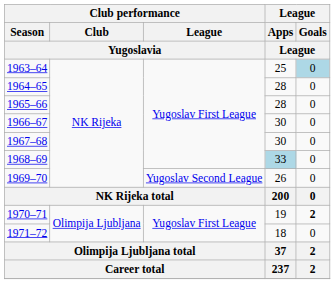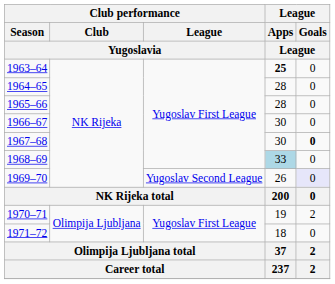 <table class="wikitable" style="text-align:center;">
 <tr>
 <th colspan=3>Club performance</th>
 <th colspan=2>League</th>
 </tr>
 <tr>
 <th>Season</th>
 <th>Club</th>
 <th>League</th>
 <th>Apps</th>
 <th>Goals</th>
 </tr>
 <tr>
 <th colspan=3>Yugoslavia</th>
 <th colspan=2>League</th>
 </tr>
 <tr>
 <td><a href='#'>1963–64</a></td>
 <td rowspan="7"><a href='#'>NK Rijeka</a></td>
 <td rowspan="6"><a href='#'>Yugoslav First League</a></td>
-<td>25</td>
-<td style="background: lightblue;">0</td>
+<td><strong>25</strong></td>
+<td>0</td>
 </tr>
 <tr>
 <td><a href='#'>1964–65</a></td>
 <td>28</td>
 <td>0</td>
 </tr>
 <tr>
 <td><a href='#'>1965–66</a></td>
 <td>28</td>
 <td>0</td>
 </tr>
 <tr>
 <td><a href='#'>1966–67</a></td>
 <td>30</td>
 <td>0</td>
 </tr>
 <tr>
 <td><a href='#'>1967–68</a></td>
 <td>30</td>
-<td>0</td>
+<td><strong>0</strong></td>
 </tr>
 <tr>
 <td><a href='#'>1968–69</a></td>
 <td style="background: lightblue;">33</td>
 <td>0</td>
 </tr>
 <tr>
 <td><a href='#'>1969–70</a></td>
 <td rowspan="1"><a href='#'>Yugoslav Second League</a></td>
 <td>26</td>
-<td>0</td>
+<td style="background: lavender;">0</td>
 </tr>
 <tr>
 <th colspan="3" valign="center">NK Rijeka total</th>
 <th>200</th>
 <th>0</th>
 </tr>
 <tr>
 <td><a href='#'>1970–71</a></td>
 <td rowspan="2"><a href='#'>Olimpija Ljubljana</a></td>
 <td rowspan="2"><a href='#'>Yugoslav First League</a></td>
 <td>19</td>
-<td><strong>2</strong></td>
+<td>2</td>
 </tr>
 <tr>
 <td><a href='#'>1971–72</a></td>
 <td>18</td>
 <td>0</td>
 </tr>
 <tr>
 <th colspan="3" valign="center">Olimpija Ljubljana total</th>
 <th>37</th>
 <th>2</th>
 </tr>
 <tr>
 <th colspan="3" valign="center">Career total</th>
 <th>237</th>
 <th>2</th>
 </tr>
 <tr>
 </tr>
 </table>
